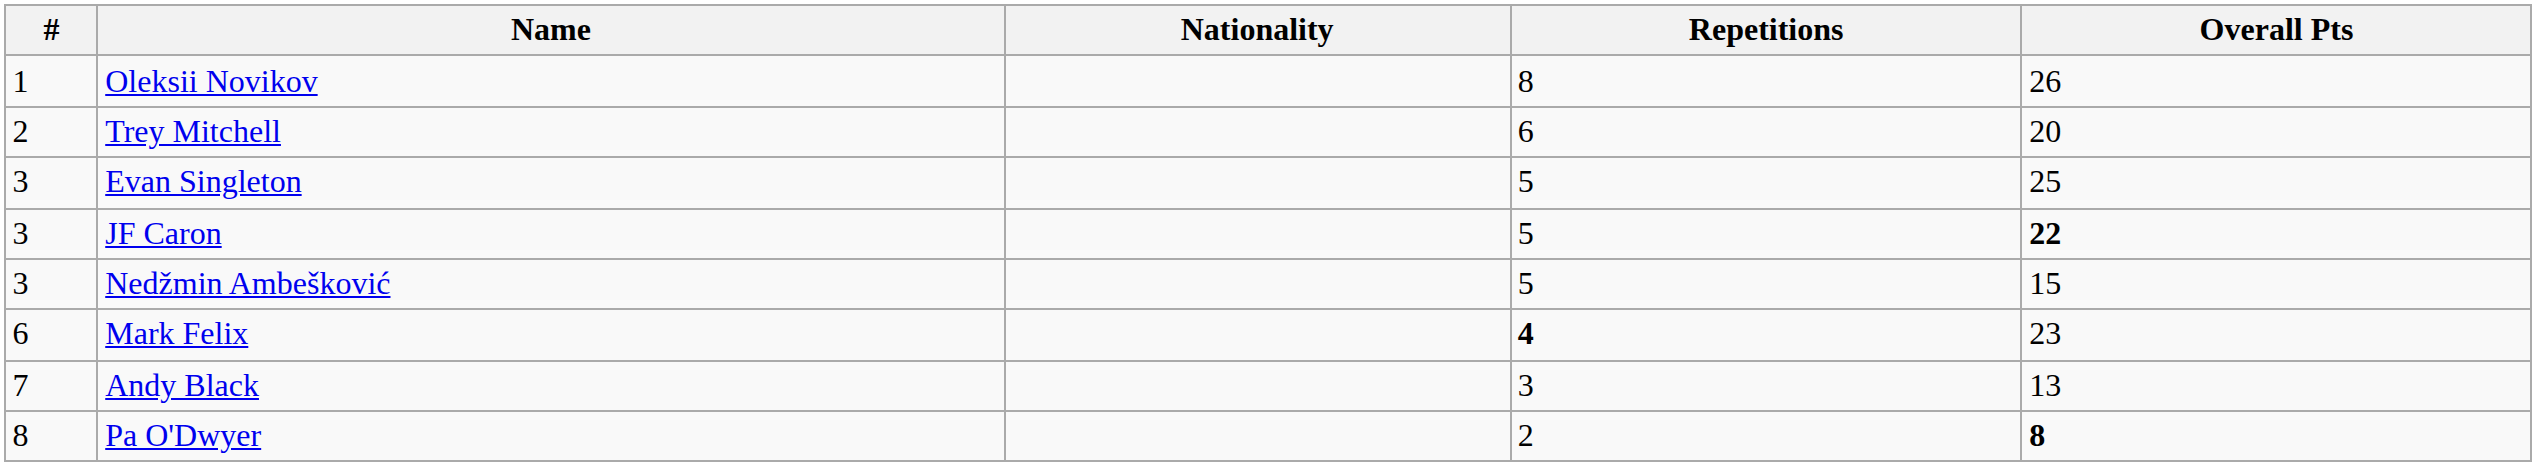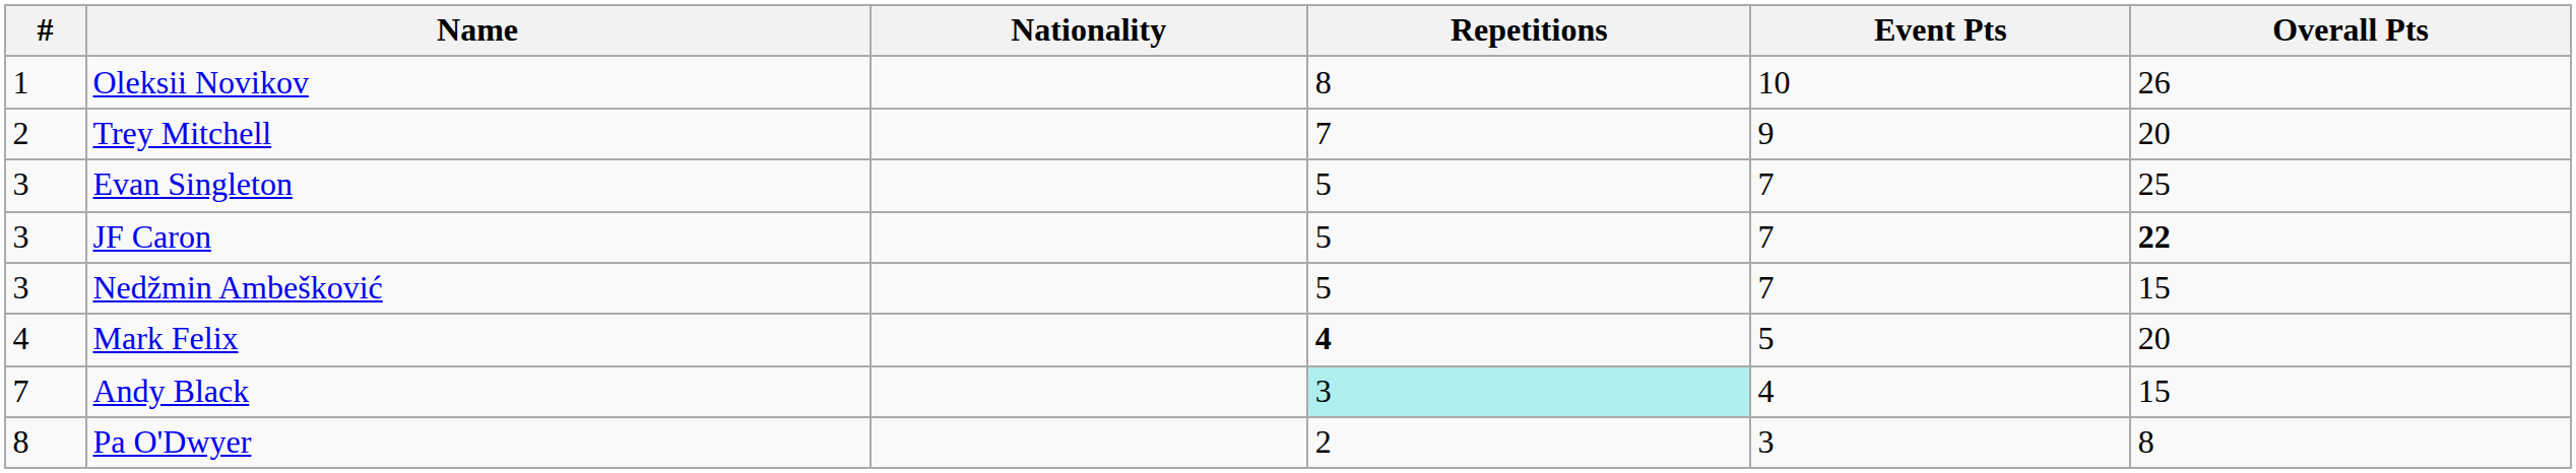 <table class="wikitable sortable" style="display: inline-table;width: 100%;">
 <tr>
 <th>#</th>
 <th>Name</th>
 <th>Nationality</th>
 <th>Repetitions</th>
+<th>Event Pts</th>
 <th>Overall Pts</th>
 </tr>
 <tr>
 <td>1</td>
 <td><a href='#'>Oleksii Novikov</a></td>
 <td></td>
 <td>8</td>
+<td>10</td>
 <td>26</td>
 </tr>
 <tr>
 <td>2</td>
 <td><a href='#'>Trey Mitchell</a></td>
 <td></td>
-<td>6</td>
+<td>7</td>
+<td>9</td>
 <td>20</td>
 </tr>
 <tr>
 <td>3</td>
 <td><a href='#'>Evan Singleton</a></td>
 <td></td>
 <td>5</td>
+<td>7</td>
 <td>25</td>
 </tr>
 <tr>
 <td>3</td>
 <td><a href='#'>JF Caron</a></td>
 <td></td>
 <td>5</td>
+<td>7</td>
 <td><strong>22</strong></td>
 </tr>
 <tr>
 <td>3</td>
 <td><a href='#'>Nedžmin Ambešković</a></td>
 <td></td>
 <td>5</td>
+<td>7</td>
 <td>15</td>
 </tr>
 <tr>
-<td>6</td>
+<td>4</td>
 <td><a href='#'>Mark Felix</a></td>
 <td></td>
 <td><strong>4</strong></td>
-<td>23</td>
+<td>5</td>
+<td>20</td>
 </tr>
 <tr>
 <td>7</td>
 <td><a href='#'>Andy Black</a></td>
 <td></td>
-<td>3</td>
-<td>13</td>
+<td style="background: paleturquoise;">3</td>
+<td>4</td>
+<td>15</td>
 </tr>
 <tr>
 <td>8</td>
 <td><a href='#'>Pa O'Dwyer</a></td>
 <td></td>
 <td>2</td>
-<td><strong>8</strong></td>
+<td>3</td>
+<td>8</td>
 </tr>
 </table>
